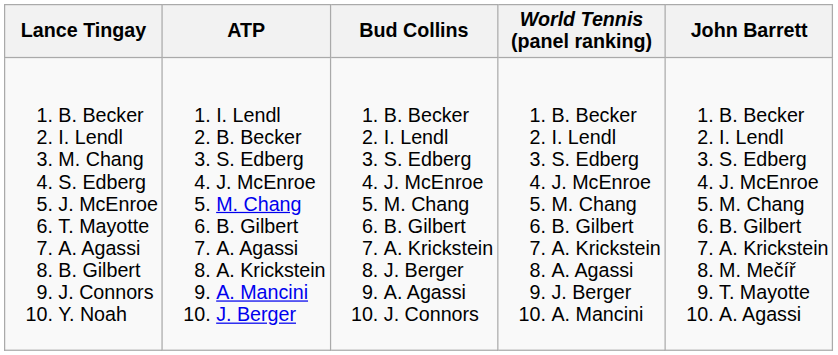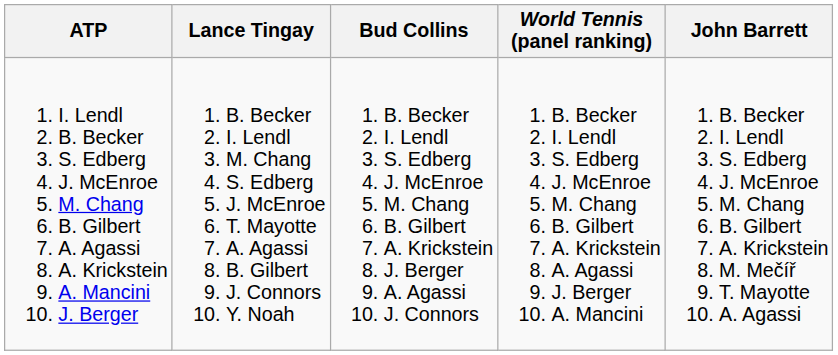 <table class="wikitable">
 <tr>
+<th>ATP</th>
 <th>Lance Tingay</th>
-<th>ATP</th>
 <th>Bud Collins</th>
 <th><em>World Tennis</em><em><br></em>(panel ranking)</th>
 <th>John Barrett</th>
 </tr>
 <tr style="vertical-align: top;">
+<td style="white-space: nowrap;"><br><ol><li> I. Lendl</li><li> B. Becker</li><li> S. Edberg</li><li> J. McEnroe</li><li> <a href='#'>M. Chang</a></li><li> B. Gilbert</li><li> A. Agassi</li><li> A. Krickstein</li><li> <a href='#'>A. Mancini</a></li><li> <a href='#'>J. Berger</a></li></ol></td>
 <td style="white-space: nowrap;"><br><ol><li> B. Becker</li><li> I. Lendl</li><li> M. Chang</li><li> S. Edberg</li><li> J. McEnroe</li><li> T. Mayotte</li><li> A. Agassi</li><li> B. Gilbert</li><li> J. Connors</li><li> Y. Noah</li></ol></td>
-<td style="white-space: nowrap;"><br><ol><li> I. Lendl</li><li> B. Becker</li><li> S. Edberg</li><li> J. McEnroe</li><li> <a href='#'>M. Chang</a></li><li> B. Gilbert</li><li> A. Agassi</li><li> A. Krickstein</li><li> <a href='#'>A. Mancini</a></li><li> <a href='#'>J. Berger</a></li></ol></td>
 <td style="white-space: nowrap;"><br><ol><li> B. Becker</li><li> I. Lendl</li><li> S. Edberg</li><li> J. McEnroe</li><li> M. Chang</li><li> B. Gilbert</li><li> A. Krickstein</li><li> J. Berger</li><li> A. Agassi</li><li> J. Connors</li></ol></td>
 <td style="white-space: nowrap;"><br><ol><li> B. Becker</li><li> I. Lendl</li><li> S. Edberg</li><li> J. McEnroe</li><li> M. Chang</li><li> B. Gilbert</li><li> A. Krickstein</li><li> A. Agassi</li><li> J. Berger</li><li> A. Mancini</li></ol></td>
 <td style="white-space: nowrap;"><br><ol><li> B. Becker</li><li> I. Lendl</li><li> S. Edberg</li><li> J. McEnroe</li><li> M. Chang</li><li> B. Gilbert</li><li> A. Krickstein</li><li> M. Mečíř</li><li> T. Mayotte</li><li> A. Agassi</li></ol></td>
 </tr>
 </table>
